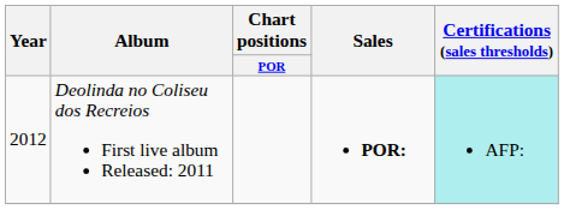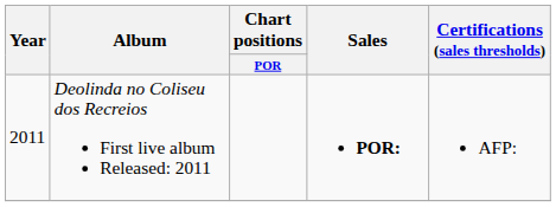 <table class="wikitable">
 <tr>
 <th width="20" rowspan="2">Year</th>
 <th width="150" rowspan="2">Album</th>
 <th colspan="1">Chart positions</th>
 <th width="100" rowspan="2">Sales</th>
 <th width="100" rowspan="2"><a href='#'>Certifications</a><br><small>(<a href='#'>sales thresholds</a>)</small></th>
 </tr>
 <tr>
 <th style="width:4em;font-size:70%"><a href='#'>POR</a><br></th>
 </tr>
 <tr>
-<td>2012</td>
+<td>2011</td>
 <td><em>Deolinda no Coliseu dos Recreios</em><br><ul><li>First live album</li><li>Released: 2011</li></ul></td>
 <td></td>
 <td><strong><br><ul><li>POR:</li></ul></strong></td>
-<td style="background: paleturquoise;"><br><ul><li>AFP:</li></ul></td>
+<td><br><ul><li>AFP:</li></ul></td>
 </tr>
 <tr>
 </tr>
 </table>
